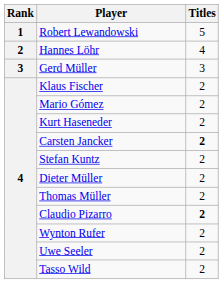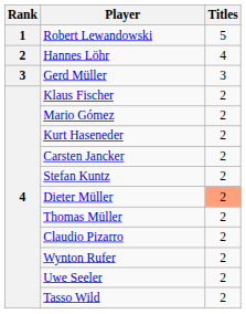 <table class="wikitable sortable">
 <tr>
 <th>Rank</th>
 <th style="width:200px">Player</th>
 <th>Titles</th>
 </tr>
 <tr>
 <th>1</th>
 <td data-sort-value="Lewandowski, Robert"> <a href='#'>Robert Lewandowski</a></td>
 <td style="text-align:center">5</td>
 </tr>
 <tr>
 <th>2</th>
 <td data-sort-value="Lohr, Hannes"> <a href='#'>Hannes Löhr</a></td>
 <td style="text-align:center">4</td>
 </tr>
 <tr>
 <th>3</th>
 <td data-sort-value="Muller, Gerd"> <a href='#'>Gerd Müller</a></td>
 <td style="text-align:center">3</td>
 </tr>
 <tr>
 <th rowspan="11">4</th>
 <td data-sort-value="Fischer, Klaus"> <a href='#'>Klaus Fischer</a></td>
 <td style="text-align:center">2</td>
 </tr>
 <tr>
 <td data-sort-value="Gomez, Mario"> <a href='#'>Mario Gómez</a></td>
 <td style="text-align:center">2</td>
 </tr>
 <tr>
 <td data-sort-value="Haseneder, Kurt"> <a href='#'>Kurt Haseneder</a></td>
 <td style="text-align:center">2</td>
 </tr>
 <tr>
 <td data-sort-value="Jancker, Carsten"> <a href='#'>Carsten Jancker</a></td>
-<td style="text-align:center"><strong>2</strong></td>
+<td style="text-align:center">2</td>
 </tr>
 <tr>
 <td data-sort-value="Kuntz, Stefan"> <a href='#'>Stefan Kuntz</a></td>
 <td style="text-align:center">2</td>
 </tr>
 <tr>
 <td data-sort-value="Muller, Dieter"> <a href='#'>Dieter Müller</a></td>
-<td style="text-align:center">2</td>
+<td style="background: lightsalmon; text-align:center">2</td>
 </tr>
 <tr>
 <td data-sort-value="Muller, Thomas"> <a href='#'>Thomas Müller</a></td>
 <td style="text-align:center">2</td>
 </tr>
 <tr>
 <td data-sort-value="Pizarro, Claudio"> <a href='#'>Claudio Pizarro</a></td>
-<td style="text-align:center"><strong>2</strong></td>
+<td style="text-align:center">2</td>
 </tr>
 <tr>
 <td data-sort-value="Rufer, Wynton"> <a href='#'>Wynton Rufer</a></td>
 <td style="text-align:center">2</td>
 </tr>
 <tr>
 <td data-sort-value="Seeler, Uwe"> <a href='#'>Uwe Seeler</a></td>
 <td style="text-align:center">2</td>
 </tr>
 <tr>
 <td data-sort-value="Wild, Tasso"> <a href='#'>Tasso Wild</a></td>
 <td style="text-align:center">2</td>
 </tr>
 </table>
